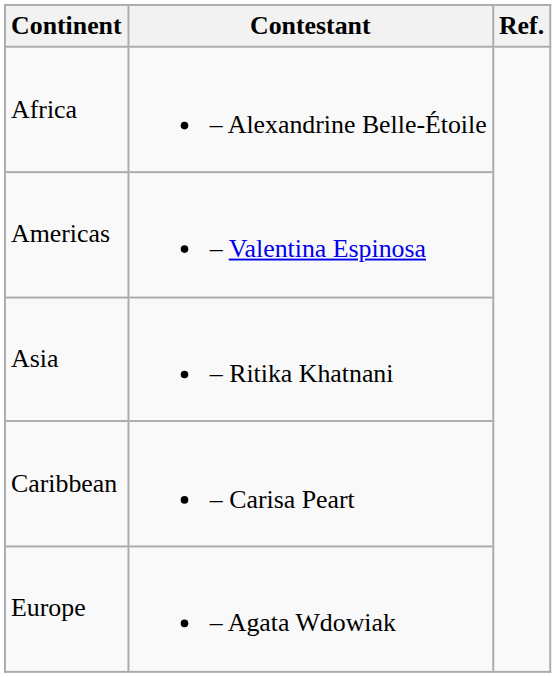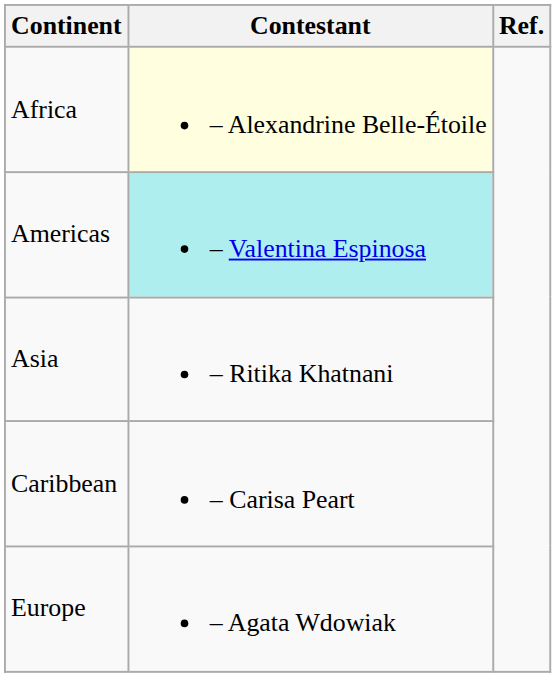 <table class="wikitable sortable" style="font-size:85%;">
 <tr>
 <th>Continent</th>
 <th>Contestant</th>
 <th>Ref.</th>
 </tr>
 <tr>
 <td>Africa</td>
-<td><br><ul><li> – Alexandrine Belle-Étoile</li></ul></td>
+<td style="background: lightyellow;"><br><ul><li> – Alexandrine Belle-Étoile</li></ul></td>
 <td rowspan="5"></td>
 </tr>
 <tr>
 <td>Americas</td>
-<td><br><ul><li> – <a href='#'>Valentina Espinosa</a></li></ul></td>
+<td style="background: paleturquoise;"><br><ul><li> – <a href='#'>Valentina Espinosa</a></li></ul></td>
 </tr>
 <tr>
 <td>Asia</td>
 <td><br><ul><li> – Ritika Khatnani</li></ul></td>
 </tr>
 <tr>
 <td>Caribbean</td>
 <td><br><ul><li> – Carisa Peart</li></ul></td>
 </tr>
 <tr>
 <td>Europe</td>
 <td><br><ul><li> – Agata Wdowiak</li></ul></td>
 </tr>
 </table>
